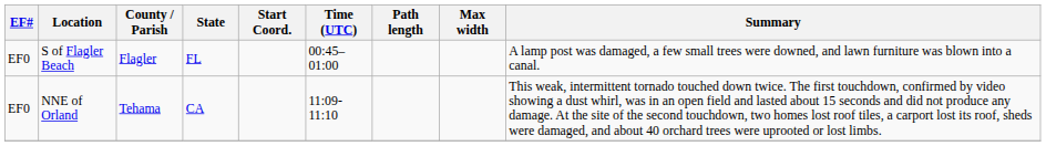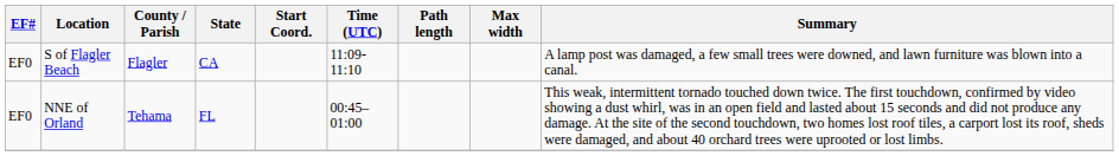 <table class="wikitable sortable" style="width:100%;">
 <tr>
 <th scope="col"  style="width:3%; text-align:center;"><a href='#'>EF#</a></th>
 <th scope="col"  style="width:7%; text-align:center;" class="unsortable">Location</th>
 <th scope="col"  style="width:6%; text-align:center;" class="unsortable">County / Parish</th>
 <th scope="col"  style="width:5%; text-align:center;">State</th>
 <th scope="col"  style="width:6%; text-align:center;">Start Coord.</th>
 <th scope="col"  style="width:6%; text-align:center;">Time (<a href='#'>UTC</a>)</th>
 <th scope="col"  style="width:6%; text-align:center;">Path length</th>
 <th scope="col"  style="width:6%; text-align:center;">Max width</th>
 <th scope="col" class="unsortable" style="width:48%; text-align:center;">Summary</th>
 </tr>
 <tr>
 <td>EF0</td>
 <td>S of <a href='#'>Flagler Beach</a></td>
 <td><a href='#'>Flagler</a></td>
-<td><a href='#'>FL</a></td>
+<td><a href='#'>CA</a></td>
 <td></td>
-<td>00:45–01:00</td>
+<td>11:09-11:10</td>
 <td></td>
 <td></td>
 <td>A lamp post was damaged, a few small trees were downed, and lawn furniture was blown into a canal.</td>
 </tr>
 <tr>
 <td>EF0</td>
 <td>NNE of <a href='#'>Orland</a></td>
 <td><a href='#'>Tehama</a></td>
-<td><a href='#'>CA</a></td>
+<td><a href='#'>FL</a></td>
 <td></td>
-<td>11:09-11:10</td>
+<td>00:45–01:00</td>
 <td></td>
 <td></td>
 <td>This weak, intermittent tornado touched down twice. The first touchdown, confirmed by video showing a dust whirl, was in an open field and lasted about 15 seconds and did not produce any damage. At the site of the second touchdown, two homes lost roof tiles, a carport lost its roof, sheds were damaged, and about 40 orchard trees were uprooted or lost limbs.</td>
 </tr>
 <tr>
 </tr>
 </table>
